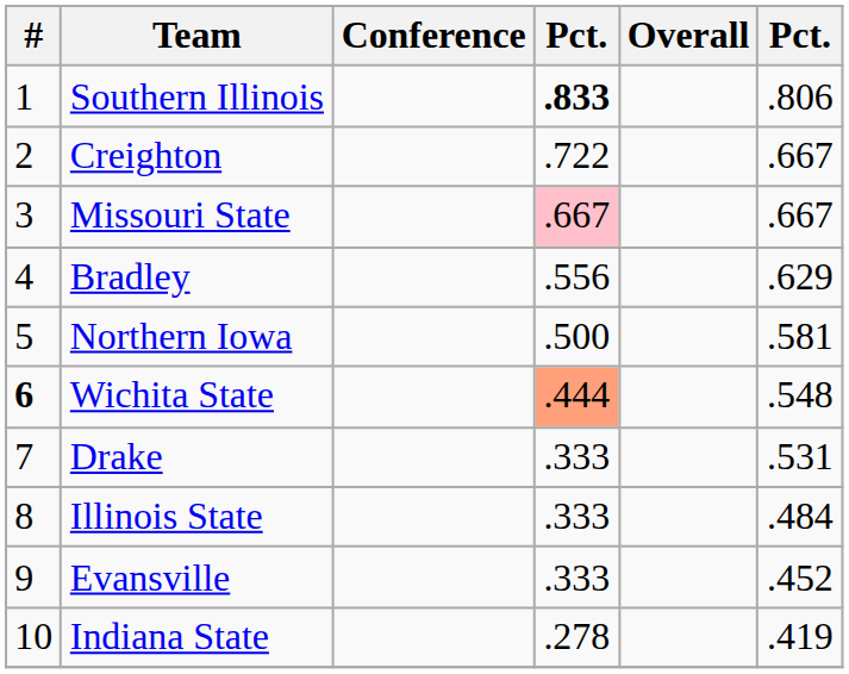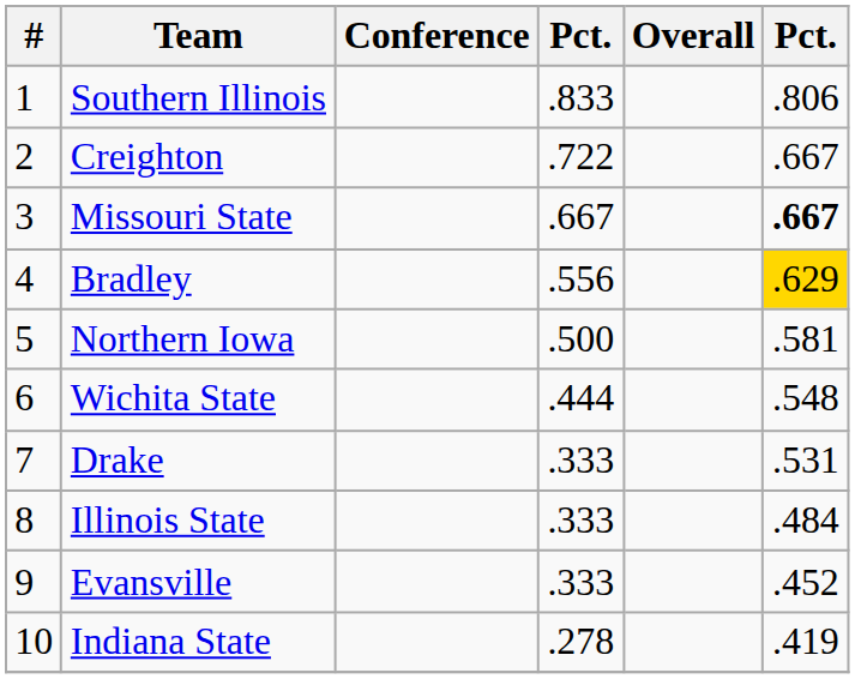 <table class="wikitable">
 <tr>
 <th>#</th>
 <th>Team</th>
 <th>Conference</th>
 <th>Pct.</th>
 <th>Overall</th>
 <th>Pct.</th>
 </tr>
 <tr>
 <td>1</td>
 <td><a href='#'>Southern Illinois</a></td>
 <td></td>
-<td><strong>.833</strong></td>
+<td>.833</td>
 <td></td>
 <td>.806</td>
 </tr>
 <tr>
 <td>2</td>
 <td><a href='#'>Creighton</a></td>
 <td></td>
 <td>.722</td>
 <td></td>
 <td>.667</td>
 </tr>
 <tr>
 <td>3</td>
 <td><a href='#'>Missouri State</a></td>
 <td></td>
-<td style="background: pink;">.667</td>
+<td>.667</td>
 <td></td>
-<td>.667</td>
+<td><strong>.667</strong></td>
 </tr>
 <tr>
 <td>4</td>
 <td><a href='#'>Bradley</a></td>
 <td></td>
 <td>.556</td>
 <td></td>
-<td>.629</td>
+<td style="background: gold;">.629</td>
 </tr>
 <tr>
 <td>5</td>
 <td><a href='#'>Northern Iowa</a></td>
 <td></td>
 <td>.500</td>
 <td></td>
 <td>.581</td>
 </tr>
 <tr>
-<td><strong>6</strong></td>
+<td>6</td>
 <td><a href='#'>Wichita State</a></td>
 <td></td>
-<td style="background: lightsalmon;">.444</td>
+<td>.444</td>
 <td></td>
 <td>.548</td>
 </tr>
 <tr>
 <td>7</td>
 <td><a href='#'>Drake</a></td>
 <td></td>
 <td>.333</td>
 <td></td>
 <td>.531</td>
 </tr>
 <tr>
 <td>8</td>
 <td><a href='#'>Illinois State</a></td>
 <td></td>
 <td>.333</td>
 <td></td>
 <td>.484</td>
 </tr>
 <tr>
 <td>9</td>
 <td><a href='#'>Evansville</a></td>
 <td></td>
 <td>.333</td>
 <td></td>
 <td>.452</td>
 </tr>
 <tr>
 <td>10</td>
 <td><a href='#'>Indiana State</a></td>
 <td></td>
 <td>.278</td>
 <td></td>
 <td>.419</td>
 </tr>
 <tr>
 </tr>
 </table>
